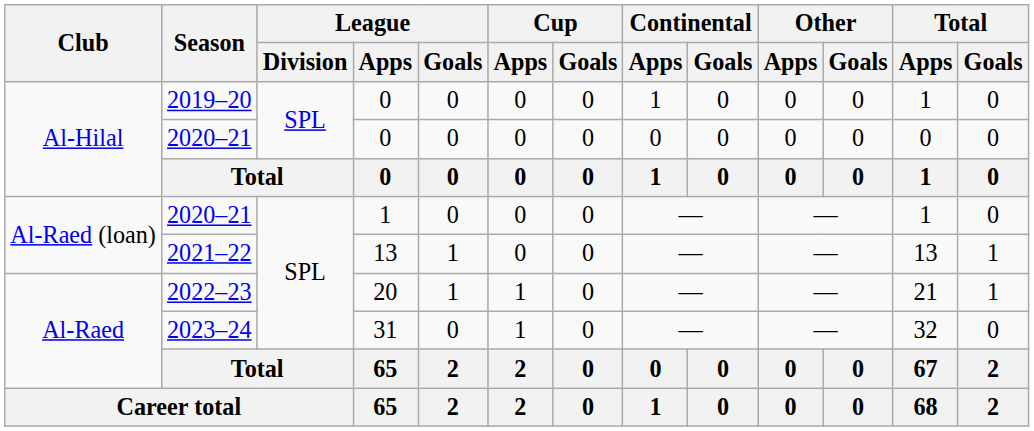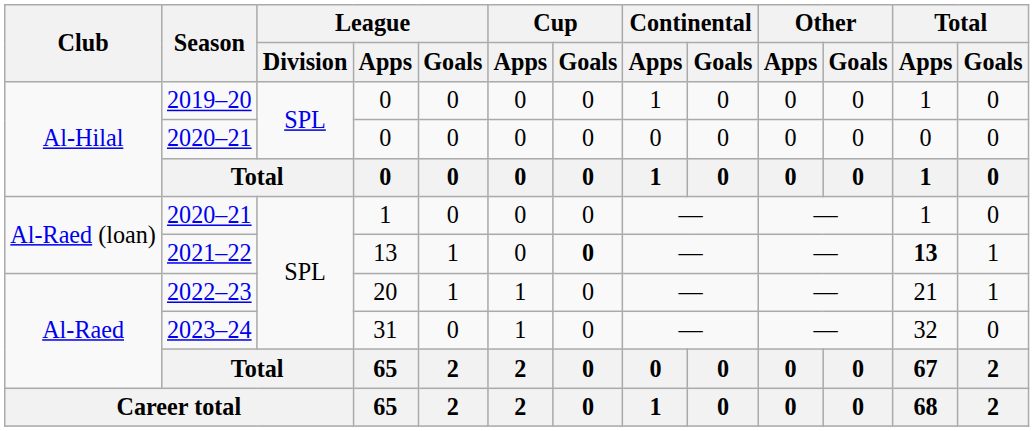 <table class="wikitable" style="text-align: center">
 <tr>
 <th rowspan="2">Club</th>
 <th rowspan="2">Season</th>
 <th colspan="3">League</th>
 <th colspan="2">Cup</th>
 <th colspan="2">Continental</th>
 <th colspan="2">Other</th>
 <th colspan="2">Total</th>
 </tr>
 <tr>
 <th>Division</th>
 <th>Apps</th>
 <th>Goals</th>
 <th>Apps</th>
 <th>Goals</th>
 <th>Apps</th>
 <th>Goals</th>
 <th>Apps</th>
 <th>Goals</th>
 <th>Apps</th>
 <th>Goals</th>
 </tr>
 <tr>
 <td rowspan=3><a href='#'>Al-Hilal</a></td>
 <td><a href='#'>2019–20</a></td>
 <td rowspan=2><a href='#'>SPL</a></td>
 <td>0</td>
 <td>0</td>
 <td>0</td>
 <td>0</td>
 <td>1</td>
 <td>0</td>
 <td>0</td>
 <td>0</td>
 <td>1</td>
 <td>0</td>
 </tr>
 <tr>
 <td><a href='#'>2020–21</a></td>
 <td>0</td>
 <td>0</td>
 <td>0</td>
 <td>0</td>
 <td>0</td>
 <td>0</td>
 <td>0</td>
 <td>0</td>
 <td>0</td>
 <td>0</td>
 </tr>
 <tr>
 <th colspan=2>Total</th>
 <th>0</th>
 <th>0</th>
 <th>0</th>
 <th>0</th>
 <th>1</th>
 <th>0</th>
 <th>0</th>
 <th>0</th>
 <th>1</th>
 <th>0</th>
 </tr>
 <tr>
 <td rowspan=2><a href='#'>Al-Raed</a> (loan)</td>
 <td><a href='#'>2020–21</a></td>
 <td rowspan=4>SPL</td>
 <td>1</td>
 <td>0</td>
 <td>0</td>
 <td>0</td>
 <td colspan=2>—</td>
 <td colspan=2>—</td>
 <td>1</td>
 <td>0</td>
 </tr>
 <tr>
 <td><a href='#'>2021–22</a></td>
 <td>13</td>
 <td>1</td>
 <td>0</td>
-<td>0</td>
+<td><strong>0</strong></td>
 <td colspan=2>—</td>
 <td colspan=2>—</td>
-<td>13</td>
+<td><strong>13</strong></td>
 <td>1</td>
 </tr>
 <tr>
 <td rowspan=3><a href='#'>Al-Raed</a></td>
 <td><a href='#'>2022–23</a></td>
 <td>20</td>
 <td>1</td>
 <td>1</td>
 <td>0</td>
 <td colspan=2>—</td>
 <td colspan=2>—</td>
 <td>21</td>
 <td>1</td>
 </tr>
 <tr>
 <td><a href='#'>2023–24</a></td>
 <td>31</td>
 <td>0</td>
 <td>1</td>
 <td>0</td>
 <td colspan=2>—</td>
 <td colspan=2>—</td>
 <td>32</td>
 <td>0</td>
 </tr>
 <tr>
 <th colspan=2>Total</th>
 <th>65</th>
 <th>2</th>
 <th>2</th>
 <th>0</th>
 <th>0</th>
 <th>0</th>
 <th>0</th>
 <th>0</th>
 <th>67</th>
 <th>2</th>
 </tr>
 <tr>
 <th colspan=3>Career total</th>
 <th>65</th>
 <th>2</th>
 <th>2</th>
 <th>0</th>
 <th>1</th>
 <th>0</th>
 <th>0</th>
 <th>0</th>
 <th>68</th>
 <th>2</th>
 </tr>
 </table>
